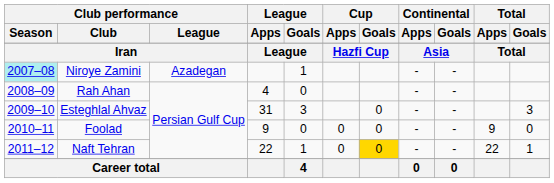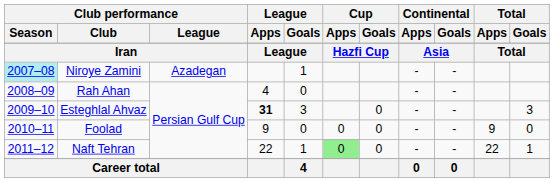 <table class="wikitable" style="text-align:center">
 <tr>
 <th colspan=3>Club performance</th>
 <th colspan=2>League</th>
 <th colspan=2>Cup</th>
 <th colspan=2>Continental</th>
 <th colspan=2>Total</th>
 </tr>
 <tr>
 <th>Season</th>
 <th>Club</th>
 <th>League</th>
 <th>Apps</th>
 <th>Goals</th>
 <th>Apps</th>
 <th>Goals</th>
 <th>Apps</th>
 <th>Goals</th>
 <th>Apps</th>
 <th>Goals</th>
 </tr>
 <tr>
 </tr>
 <tr>
 <th colspan=3>Iran</th>
 <th colspan=2>League</th>
 <th colspan=2><a href='#'>Hazfi Cup</a></th>
 <th colspan=2><a href='#'>Asia</a></th>
 <th colspan=2>Total</th>
 </tr>
 <tr>
 <td style="background: paleturquoise;"><a href='#'>2007–08</a></td>
 <td rowspan=1><a href='#'>Niroye Zamini</a></td>
 <td rowspan=1><a href='#'>Azadegan</a></td>
 <td></td>
 <td>1</td>
 <td></td>
 <td></td>
 <td>-</td>
 <td>-</td>
 <td></td>
 <td></td>
 </tr>
 <tr>
 <td><a href='#'>2008–09</a></td>
 <td rowspan=1><a href='#'>Rah Ahan</a></td>
 <td rowspan=4><a href='#'>Persian Gulf Cup</a></td>
 <td>4</td>
 <td>0</td>
 <td></td>
 <td></td>
 <td>-</td>
 <td>-</td>
 <td></td>
 <td></td>
 </tr>
 <tr>
 <td><a href='#'>2009–10</a></td>
 <td rowspan=1><a href='#'>Esteghlal Ahvaz</a></td>
-<td>31</td>
+<td><strong>31</strong></td>
 <td>3</td>
 <td></td>
 <td>0</td>
 <td>-</td>
 <td>-</td>
 <td></td>
 <td>3</td>
 </tr>
 <tr>
 <td><a href='#'>2010–11</a></td>
 <td rowspan=1><a href='#'>Foolad</a></td>
 <td>9</td>
 <td>0</td>
 <td>0</td>
 <td>0</td>
 <td>-</td>
 <td>-</td>
 <td>9</td>
 <td>0</td>
 </tr>
 <tr>
 <td><a href='#'>2011–12</a></td>
 <td rowspan=1><a href='#'>Naft Tehran</a></td>
 <td>22</td>
 <td>1</td>
+<td style="background: lightgreen;">0</td>
 <td>0</td>
-<td style="background: gold;">0</td>
 <td>-</td>
 <td>-</td>
 <td>22</td>
 <td>1</td>
 </tr>
 <tr>
 </tr>
 <tr>
 <th colspan=3>Career total</th>
 <th></th>
 <th>4</th>
 <th></th>
 <th></th>
 <th>0</th>
 <th>0</th>
 <th></th>
 <th></th>
 </tr>
 </table>
